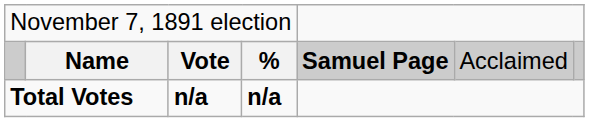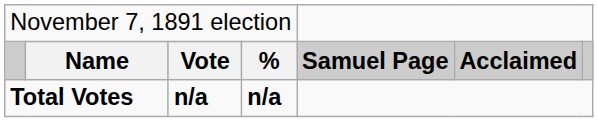 <table class="wikitable">
 <tr>
 <td colspan=4 align=center>November 7, 1891 election</td>
 </tr>
 <tr bgcolor="CCCCCC">
 <td></td>
 <th><strong>Name </strong></th>
 <th><strong>Vote</strong></th>
 <th><strong>%</strong><br></th>
 <td><strong>Samuel Page</strong></td>
-<td>Acclaimed</td>
+<td><strong>Acclaimed</strong></td>
 <td></td>
 </tr>
 <tr>
 <td colspan=2><strong>Total Votes</strong></td>
 <td><strong>n/a</strong></td>
 <td><strong>n/a</strong></td>
 </tr>
 </table>
